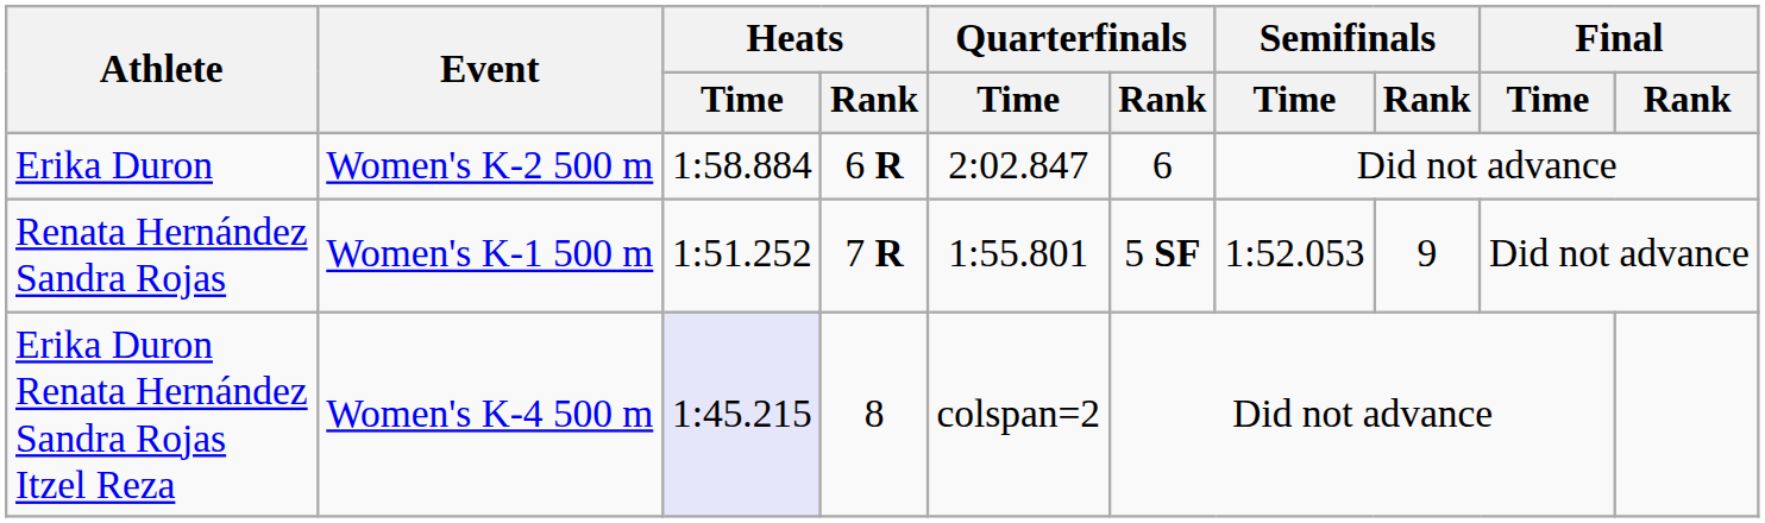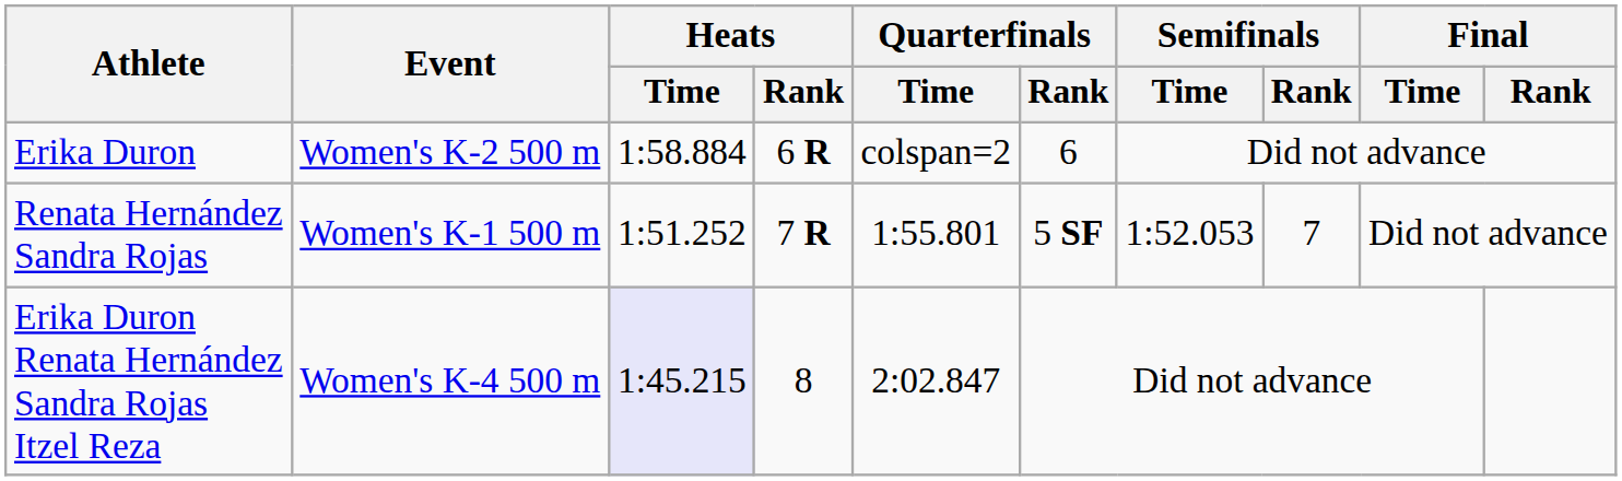 <table class=wikitable style="font-size:90%">
 <tr>
 <th rowspan="2">Athlete</th>
 <th rowspan="2">Event</th>
 <th colspan=2>Heats</th>
 <th colspan=2>Quarterfinals</th>
 <th colspan=2>Semifinals</th>
 <th colspan=2>Final</th>
 </tr>
 <tr style="font-size:95%">
 <th>Time</th>
 <th>Rank</th>
 <th>Time</th>
 <th>Rank</th>
 <th>Time</th>
 <th>Rank</th>
 <th>Time</th>
 <th>Rank</th>
 </tr>
 <tr align=center>
 <td align=left><a href='#'>Erika Duron</a></td>
 <td align=left><a href='#'>Women's K-2 500 m</a></td>
 <td>1:58.884</td>
 <td>6 <strong>R</strong></td>
-<td>2:02.847</td>
+<td>colspan=2 </td>
 <td>6</td>
 <td colspan=4>Did not advance</td>
 </tr>
 <tr align=center>
 <td align=left><a href='#'>Renata Hernández</a><br><a href='#'>Sandra Rojas</a></td>
 <td align=left><a href='#'>Women's K-1 500 m</a></td>
 <td>1:51.252</td>
 <td>7 <strong>R</strong></td>
 <td>1:55.801</td>
 <td>5 <strong>SF</strong></td>
 <td>1:52.053</td>
-<td>9</td>
+<td>7</td>
 <td colspan=2>Did not advance</td>
 </tr>
 <tr align=center>
 <td align=left><a href='#'>Erika Duron</a><br><a href='#'>Renata Hernández</a><br><a href='#'>Sandra Rojas</a><br><a href='#'>Itzel Reza</a></td>
 <td align=left><a href='#'>Women's K-4 500 m</a></td>
 <td style="background: lavender;">1:45.215</td>
 <td>8</td>
-<td>colspan=2 </td>
+<td>2:02.847</td>
 <td colspan=4>Did not advance</td>
 </tr>
 </table>
